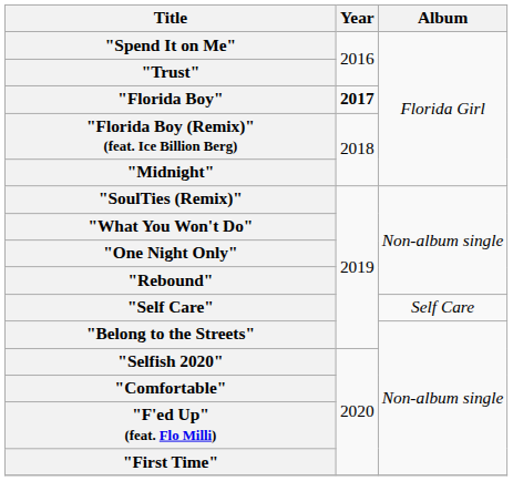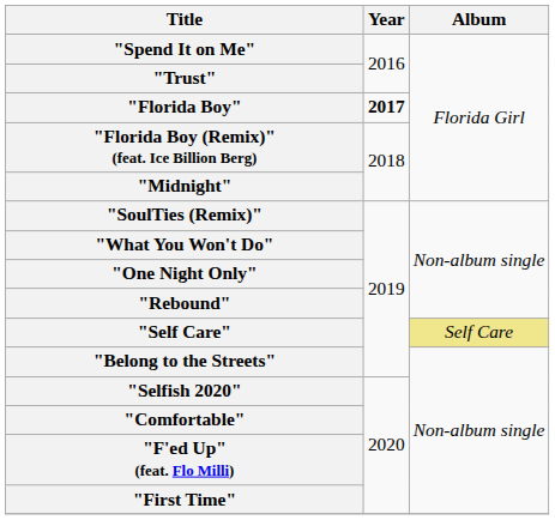 <table class="wikitable plainrowheaders" style="text-align:center;">
 <tr>
 <th scope="col" style="width:19em;">Title</th>
 <th scope="col">Year</th>
 <th scope="col">Album</th>
 </tr>
 <tr>
 <th scope="row">"Spend It on Me"</th>
 <td rowspan="2">2016</td>
 <td rowspan="5"><em>Florida Girl</em></td>
 </tr>
 <tr>
 <th scope="row">"Trust"</th>
 </tr>
 <tr>
 <th scope="row">"Florida Boy"</th>
 <td rowspan="1"><strong>2017</strong></td>
 </tr>
 <tr>
 <th scope="row">"Florida Boy (Remix)" <br><small>(feat. Ice Billion Berg)</small></th>
 <td rowspan="2">2018</td>
 </tr>
 <tr>
 <th scope="row">"Midnight"</th>
 </tr>
 <tr>
 <th scope="row">"SoulTies (Remix)"</th>
 <td rowspan="6">2019</td>
 <td rowspan="4"><em>Non-album single</em></td>
 </tr>
 <tr>
 <th scope="row">"What You Won't Do"</th>
 </tr>
 <tr>
 <th scope="row">"One Night Only"</th>
 </tr>
 <tr>
 <th scope="row">"Rebound"</th>
 </tr>
 <tr>
 <th scope="row">"Self Care"</th>
-<td rowspan="1"><em>Self Care</em></td>
+<td rowspan="1" style="background: khaki;"><em>Self Care</em></td>
 </tr>
 <tr>
 <th scope="row">"Belong to the Streets"</th>
 <td rowspan="5"><em>Non-album single</em></td>
 </tr>
 <tr>
 <th scope="row">"Selfish 2020"</th>
 <td rowspan="4">2020</td>
 </tr>
 <tr>
 <th scope="row">"Comfortable"</th>
 </tr>
 <tr>
 <th scope="row">"F'ed Up" <br><small>(feat. <a href='#'>Flo Milli</a>)</small></th>
 </tr>
 <tr>
 <th scope="row">"First Time"</th>
 </tr>
 <tr>
 </tr>
 </table>
